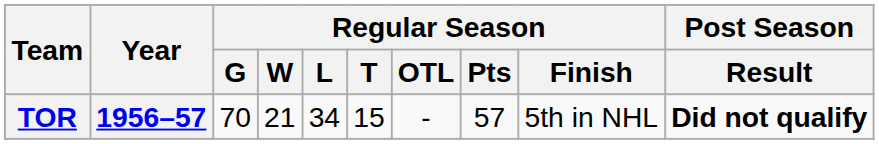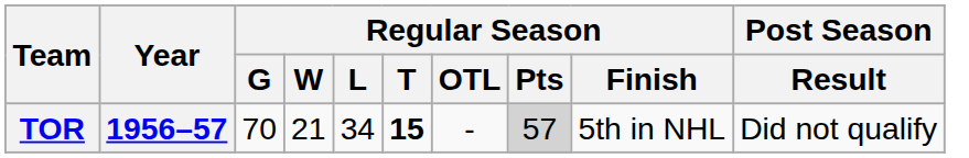 <table class="wikitable" style="font-size: 95%; text-align:center;">
 <tr>
 <th rowspan="2">Team</th>
 <th rowspan="2">Year</th>
 <th colspan="7">Regular Season</th>
 <th colspan="1">Post Season</th>
 </tr>
 <tr>
 <th>G</th>
 <th>W</th>
 <th>L</th>
 <th>T</th>
 <th>OTL</th>
 <th>Pts</th>
 <th>Finish</th>
 <th>Result</th>
 </tr>
 <tr>
 <th><a href='#'>TOR</a></th>
 <th><a href='#'>1956–57</a></th>
 <td>70</td>
 <td>21</td>
 <td>34</td>
-<td>15</td>
+<td><strong>15</strong></td>
 <td>-</td>
-<td>57</td>
+<td style="background: lightgrey;">57</td>
 <td>5th in NHL</td>
-<td><strong>Did not qualify</strong></td>
+<td>Did not qualify</td>
 </tr>
 </table>
